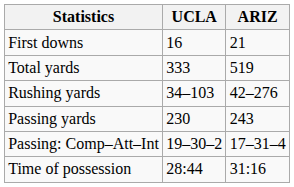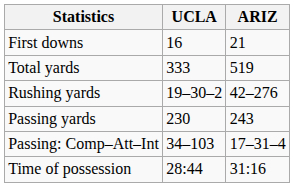 <table class="wikitable" style="float: left;">
 <tr>
 <th>Statistics</th>
 <th>UCLA</th>
 <th>ARIZ</th>
 </tr>
 <tr>
 <td>First downs</td>
 <td>16</td>
 <td>21</td>
 </tr>
 <tr>
 <td>Total yards</td>
 <td>333</td>
 <td>519</td>
 </tr>
 <tr>
 <td>Rushing yards</td>
-<td>34–103</td>
+<td>19–30–2</td>
 <td>42–276</td>
 </tr>
 <tr>
 <td>Passing yards</td>
 <td>230</td>
 <td>243</td>
 </tr>
 <tr>
 <td>Passing: Comp–Att–Int</td>
-<td>19–30–2</td>
+<td>34–103</td>
 <td>17–31–4</td>
 </tr>
 <tr>
 <td>Time of possession</td>
 <td>28:44</td>
 <td>31:16</td>
 </tr>
 <tr>
 </tr>
 </table>
